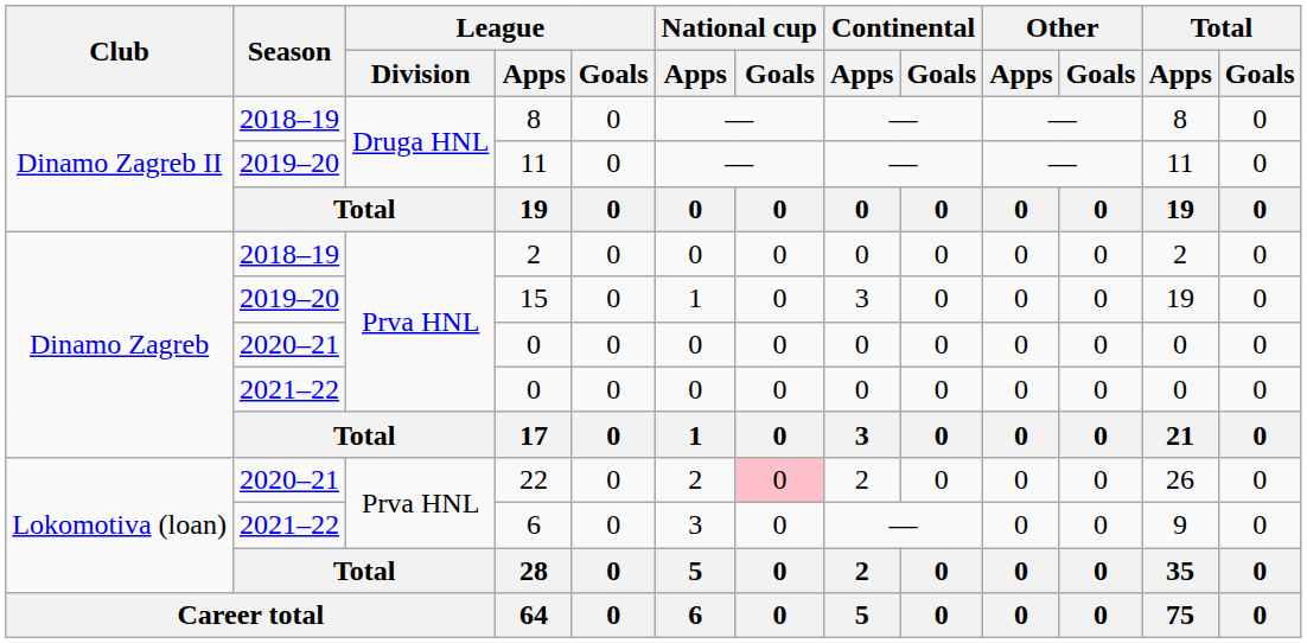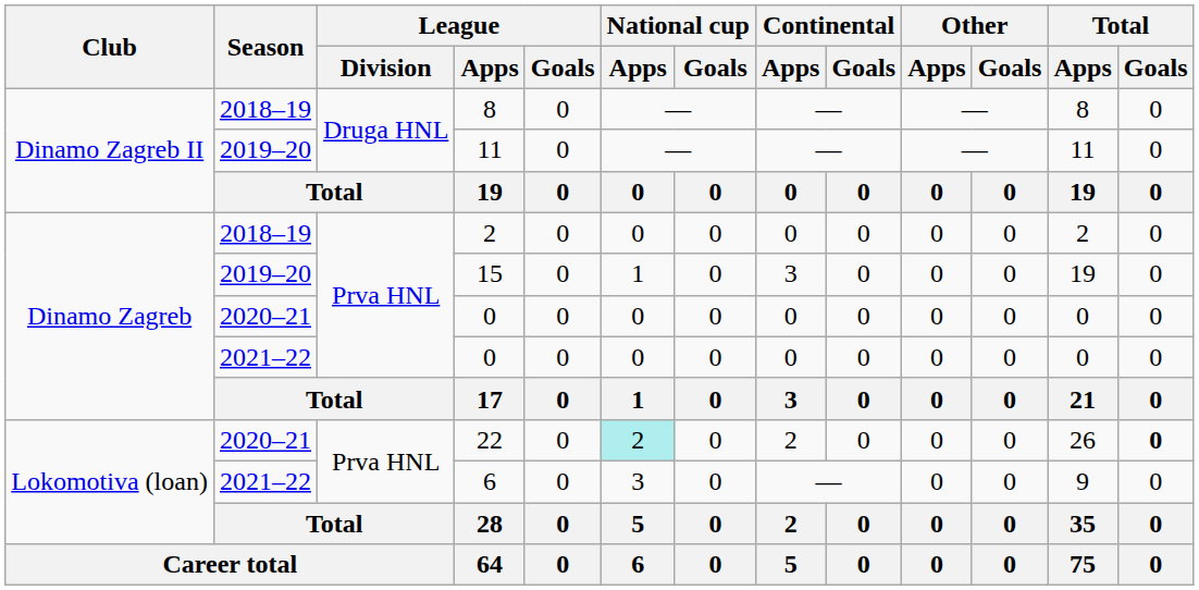 <table class="wikitable" style="text-align: center">
 <tr>
 <th rowspan="2">Club</th>
 <th rowspan="2">Season</th>
 <th colspan="3">League</th>
 <th colspan="2">National cup</th>
 <th colspan="2">Continental</th>
 <th colspan="2">Other</th>
 <th colspan="2">Total</th>
 </tr>
 <tr>
 <th>Division</th>
 <th>Apps</th>
 <th>Goals</th>
 <th>Apps</th>
 <th>Goals</th>
 <th>Apps</th>
 <th>Goals</th>
 <th>Apps</th>
 <th>Goals</th>
 <th>Apps</th>
 <th>Goals</th>
 </tr>
 <tr>
 <td rowspan="3"><a href='#'>Dinamo Zagreb II</a></td>
 <td><a href='#'>2018–19</a></td>
 <td rowspan="2"><a href='#'>Druga HNL</a></td>
 <td>8</td>
 <td>0</td>
 <td colspan="2">—</td>
 <td colspan="2">—</td>
 <td colspan="2">—</td>
 <td>8</td>
 <td>0</td>
 </tr>
 <tr>
 <td><a href='#'>2019–20</a></td>
 <td>11</td>
 <td>0</td>
 <td colspan="2">—</td>
 <td colspan="2">—</td>
 <td colspan="2">—</td>
 <td>11</td>
 <td>0</td>
 </tr>
 <tr>
 <th colspan=2>Total</th>
 <th>19</th>
 <th>0</th>
 <th>0</th>
 <th>0</th>
 <th>0</th>
 <th>0</th>
 <th>0</th>
 <th>0</th>
 <th>19</th>
 <th>0</th>
 </tr>
 <tr>
 <td rowspan="5"><a href='#'>Dinamo Zagreb</a></td>
 <td><a href='#'>2018–19</a></td>
 <td rowspan="4"><a href='#'>Prva HNL</a></td>
 <td>2</td>
 <td>0</td>
 <td>0</td>
 <td>0</td>
 <td>0</td>
 <td>0</td>
 <td>0</td>
 <td>0</td>
 <td>2</td>
 <td>0</td>
 </tr>
 <tr>
 <td><a href='#'>2019–20</a></td>
 <td>15</td>
 <td>0</td>
 <td>1</td>
 <td>0</td>
 <td>3</td>
 <td>0</td>
 <td>0</td>
 <td>0</td>
 <td>19</td>
 <td>0</td>
 </tr>
 <tr>
 <td><a href='#'>2020–21</a></td>
 <td>0</td>
 <td>0</td>
 <td>0</td>
 <td>0</td>
 <td>0</td>
 <td>0</td>
 <td>0</td>
 <td>0</td>
 <td>0</td>
 <td>0</td>
 </tr>
 <tr>
 <td><a href='#'>2021–22</a></td>
 <td>0</td>
 <td>0</td>
 <td>0</td>
 <td>0</td>
 <td>0</td>
 <td>0</td>
 <td>0</td>
 <td>0</td>
 <td>0</td>
 <td>0</td>
 </tr>
 <tr>
 <th colspan=2>Total</th>
 <th>17</th>
 <th>0</th>
 <th>1</th>
 <th>0</th>
 <th>3</th>
 <th>0</th>
 <th>0</th>
 <th>0</th>
 <th>21</th>
 <th>0</th>
 </tr>
 <tr>
 <td rowspan="3"><a href='#'>Lokomotiva</a> (loan)</td>
 <td><a href='#'>2020–21</a></td>
 <td rowspan="2">Prva HNL</td>
 <td>22</td>
 <td>0</td>
-<td>2</td>
-<td style="background: pink;">0</td>
+<td style="background: paleturquoise;">2</td>
+<td>0</td>
 <td>2</td>
 <td>0</td>
 <td>0</td>
 <td>0</td>
 <td>26</td>
-<td>0</td>
+<td><strong>0</strong></td>
 </tr>
 <tr>
 <td><a href='#'>2021–22</a></td>
 <td>6</td>
 <td>0</td>
 <td>3</td>
 <td>0</td>
 <td colspan="2">—</td>
 <td>0</td>
 <td>0</td>
 <td>9</td>
 <td>0</td>
 </tr>
 <tr>
 <th colspan=2>Total</th>
 <th>28</th>
 <th>0</th>
 <th>5</th>
 <th>0</th>
 <th>2</th>
 <th>0</th>
 <th>0</th>
 <th>0</th>
 <th>35</th>
 <th>0</th>
 </tr>
 <tr>
 <th colspan=3>Career total</th>
 <th>64</th>
 <th>0</th>
 <th>6</th>
 <th>0</th>
 <th>5</th>
 <th>0</th>
 <th>0</th>
 <th>0</th>
 <th>75</th>
 <th>0</th>
 </tr>
 </table>
